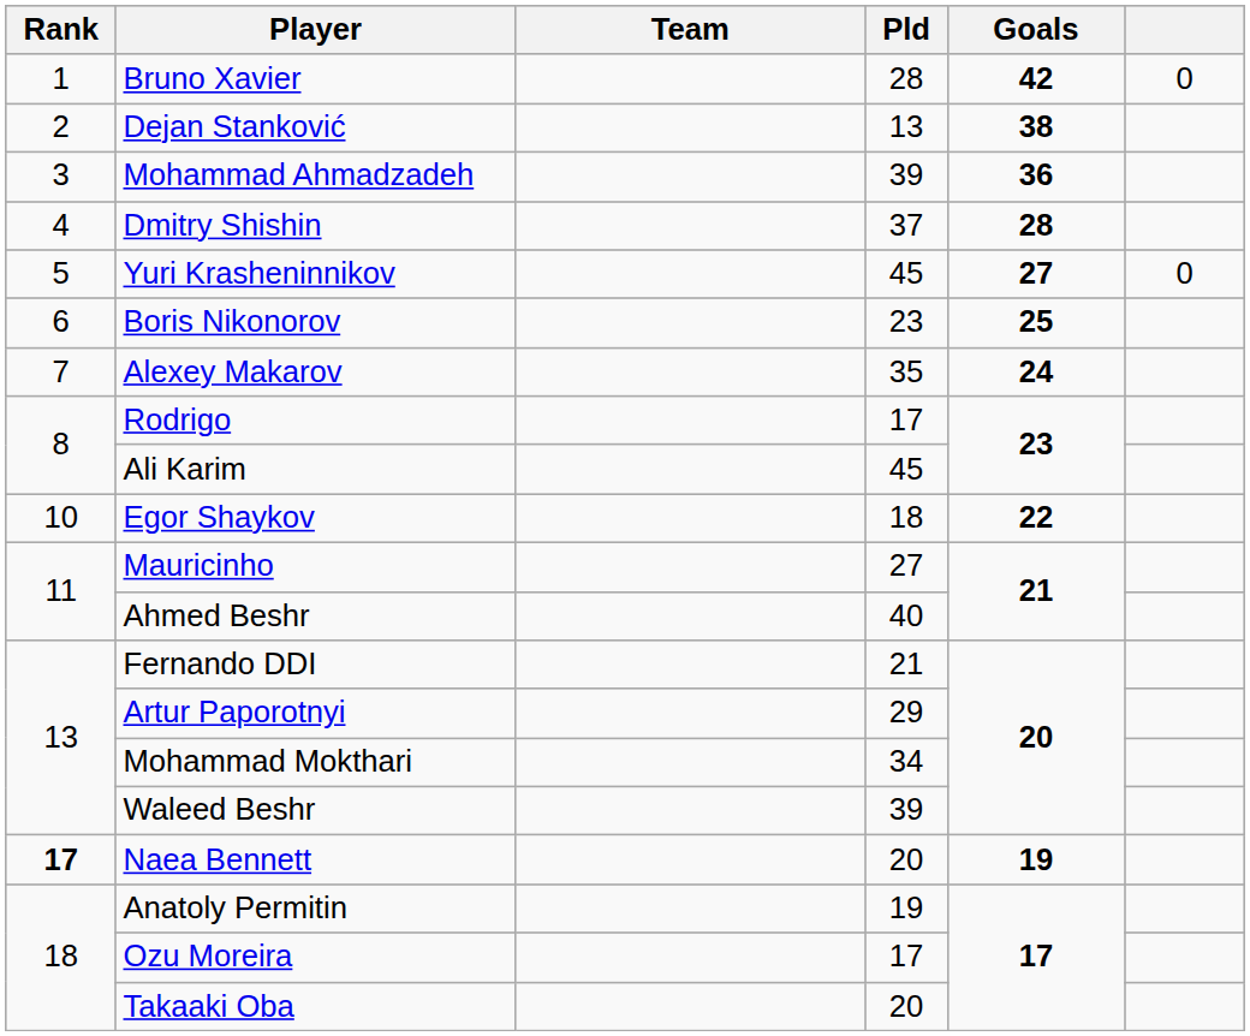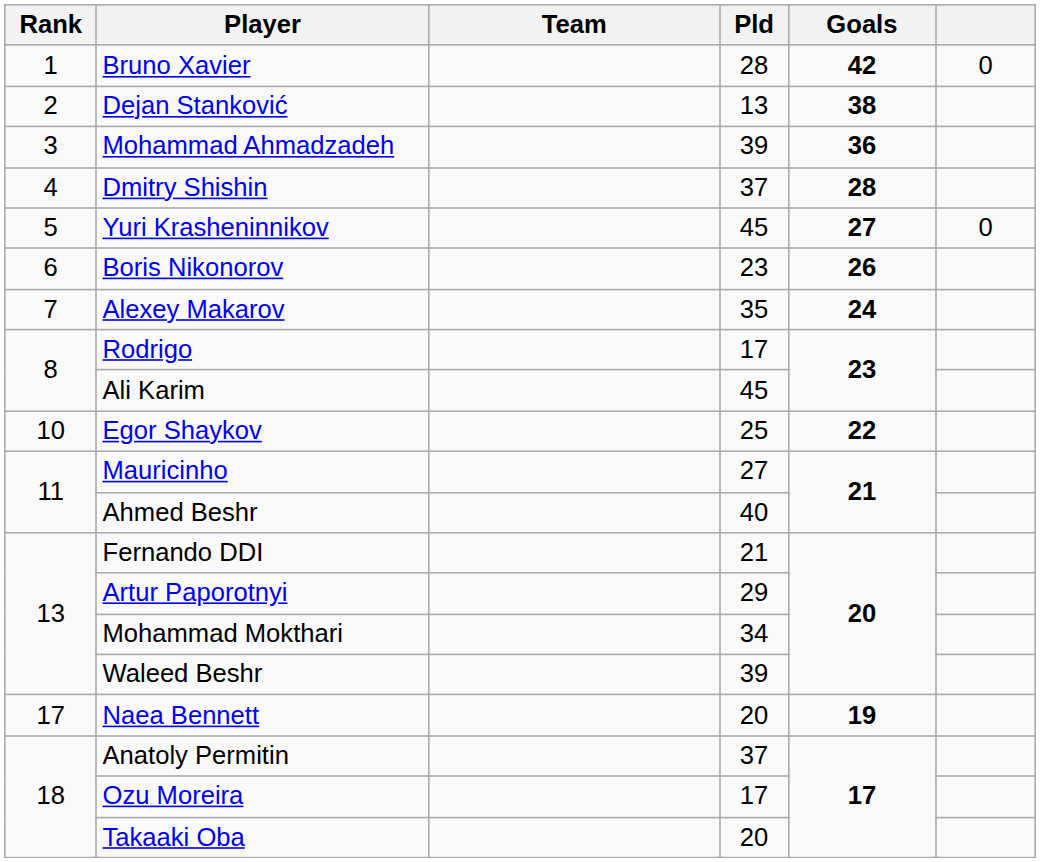 <table class="wikitable" style="text-align:center">
 <tr>
 <th width=50>Rank</th>
 <th width=200>Player</th>
 <th width=175>Team</th>
 <th width=35>Pld</th>
 <th width=85>Goals</th>
 <th width=55></th>
 </tr>
 <tr>
 <td>1</td>
 <td style="text-align:left"><a href='#'>Bruno Xavier</a></td>
 <td style="text-align:left"></td>
 <td>28</td>
 <td><strong>42</strong></td>
 <td>0</td>
 </tr>
 <tr>
 <td>2</td>
 <td style="text-align:left"><a href='#'>Dejan Stanković</a></td>
 <td style="text-align:left"></td>
 <td>13</td>
 <td><strong>38</strong></td>
 <td></td>
 </tr>
 <tr>
 <td>3</td>
 <td style="text-align:left"><a href='#'>Mohammad Ahmadzadeh</a></td>
 <td style="text-align:left"></td>
 <td>39</td>
 <td><strong>36</strong></td>
 <td></td>
 </tr>
 <tr>
 <td>4</td>
 <td style="text-align:left"><a href='#'>Dmitry Shishin</a></td>
 <td style="text-align:left"></td>
 <td>37</td>
 <td><strong>28</strong></td>
 <td></td>
 </tr>
 <tr>
 <td>5</td>
 <td style="text-align:left"><a href='#'>Yuri Krasheninnikov</a></td>
 <td style="text-align:left"></td>
 <td>45</td>
 <td><strong>27</strong></td>
 <td>0</td>
 </tr>
 <tr>
 <td>6</td>
 <td style="text-align:left"><a href='#'>Boris Nikonorov</a></td>
 <td style="text-align:left"></td>
 <td>23</td>
-<td><strong>25</strong></td>
+<td><strong>26</strong></td>
 <td></td>
 </tr>
 <tr>
 <td>7</td>
 <td style="text-align:left"><a href='#'>Alexey Makarov</a></td>
 <td style="text-align:left"></td>
 <td>35</td>
 <td><strong>24</strong></td>
 <td></td>
 </tr>
 <tr>
 <td rowspan="2">8</td>
 <td style="text-align:left"><a href='#'>Rodrigo</a></td>
 <td style="text-align:left"></td>
 <td>17</td>
 <td rowspan="2"><strong>23</strong></td>
 <td></td>
 </tr>
 <tr>
 <td style="text-align:left">Ali Karim</td>
 <td style="text-align:left"></td>
 <td>45</td>
 <td></td>
 </tr>
 <tr>
 <td>10</td>
 <td style="text-align:left"><a href='#'>Egor Shaykov</a></td>
 <td style="text-align:left"></td>
-<td>18</td>
+<td>25</td>
 <td><strong>22</strong></td>
 <td></td>
 </tr>
 <tr>
 <td rowspan="2">11</td>
 <td style="text-align:left"><a href='#'>Mauricinho</a></td>
 <td style="text-align:left"></td>
 <td>27</td>
 <td rowspan="2"><strong>21</strong></td>
 <td></td>
 </tr>
 <tr>
 <td style="text-align:left">Ahmed Beshr</td>
 <td style="text-align:left"></td>
 <td>40</td>
 <td></td>
 </tr>
 <tr>
 <td rowspan="4">13</td>
 <td style="text-align:left">Fernando DDI</td>
 <td style="text-align:left"></td>
 <td>21</td>
 <td rowspan="4"><strong>20</strong></td>
 <td></td>
 </tr>
 <tr>
 <td style="text-align:left"><a href='#'>Artur Paporotnyi</a></td>
 <td style="text-align:left"></td>
 <td>29</td>
 <td></td>
 </tr>
 <tr>
 <td style="text-align:left">Mohammad Mokthari</td>
 <td style="text-align:left"></td>
 <td>34</td>
 <td></td>
 </tr>
 <tr>
 <td style="text-align:left">Waleed Beshr</td>
 <td style="text-align:left"></td>
 <td>39</td>
 <td></td>
 </tr>
 <tr>
-<td><strong>17</strong></td>
+<td>17</td>
 <td style="text-align:left"><a href='#'>Naea Bennett</a></td>
 <td style="text-align:left"></td>
 <td>20</td>
 <td><strong>19</strong></td>
 <td></td>
 </tr>
 <tr>
 <td rowspan="3">18</td>
 <td style="text-align:left">Anatoly Permitin</td>
 <td style="text-align:left"></td>
-<td>19</td>
+<td>37</td>
 <td rowspan="3"><strong>17</strong></td>
 <td></td>
 </tr>
 <tr>
 <td style="text-align:left"><a href='#'>Ozu Moreira</a></td>
 <td style="text-align:left"></td>
 <td>17</td>
 <td></td>
 </tr>
 <tr>
 <td style="text-align:left"><a href='#'>Takaaki Oba</a></td>
 <td style="text-align:left"></td>
 <td>20</td>
 <td></td>
 </tr>
 </table>
